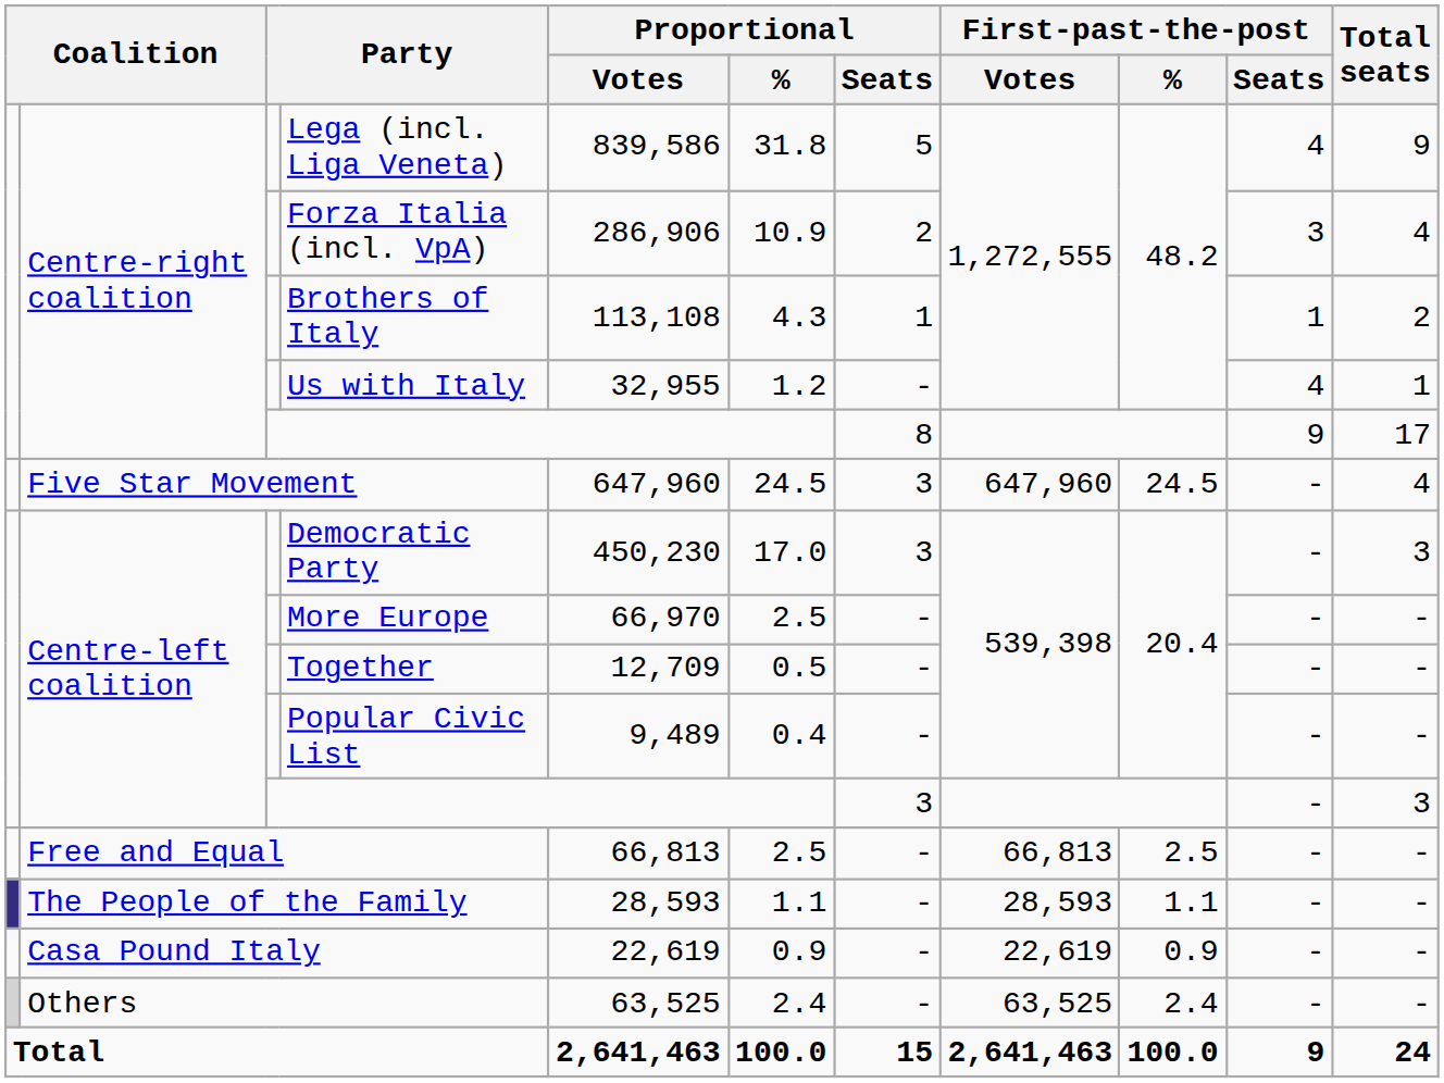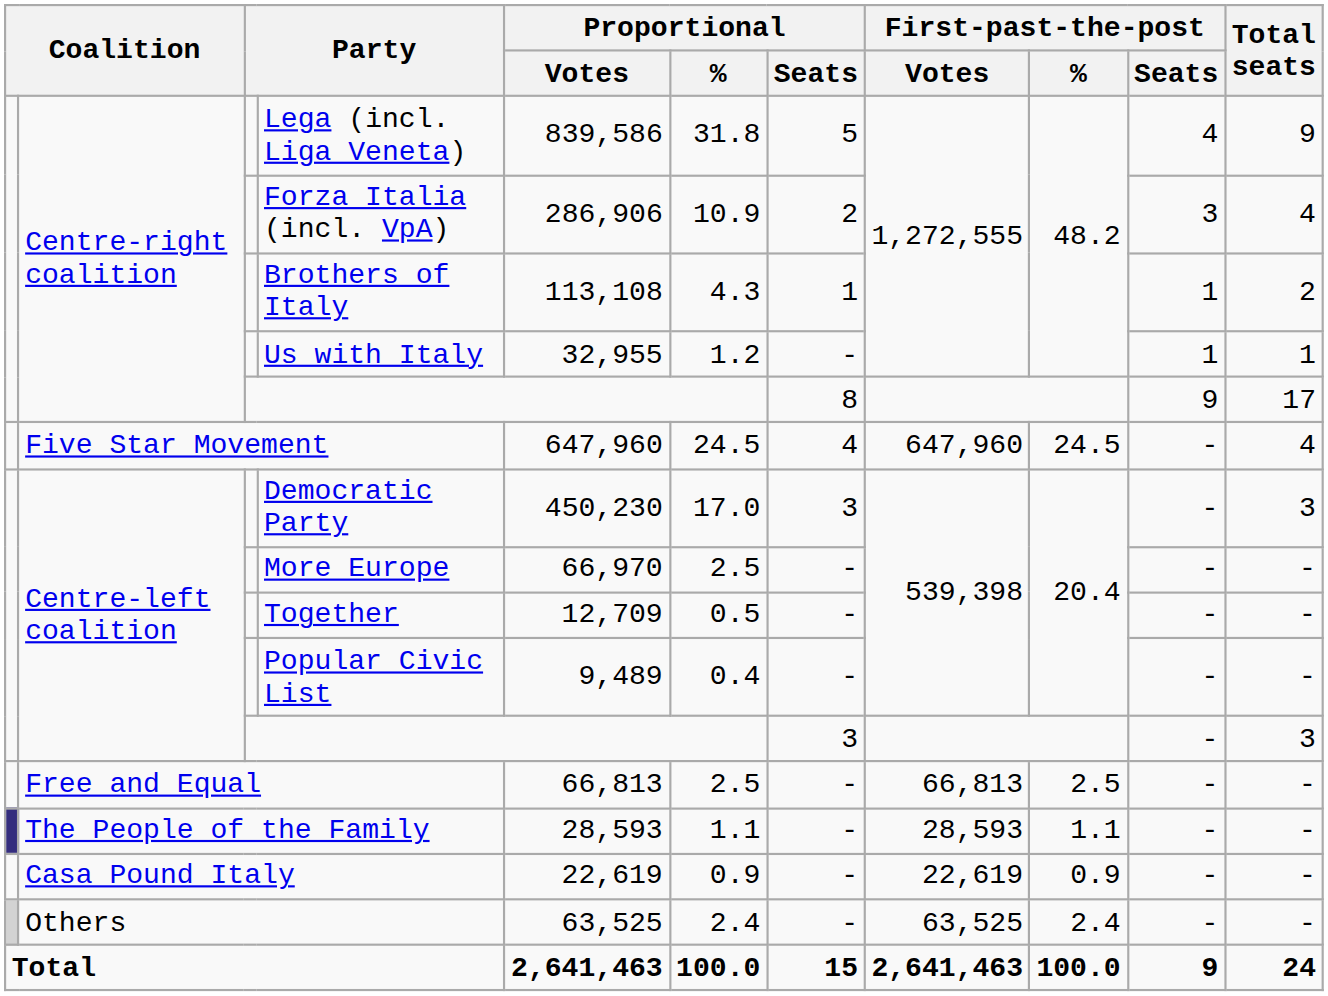 <table class="wikitable" style="text-align:right">
 <tr>
 <th colspan="2" rowspan="2">Coalition</th>
 <th colspan=2 rowspan=2>Party</th>
 <th colspan="3"  style="text-align:center; vertical-align:top;">Proportional</th>
 <th colspan="3"  style="text-align:center; vertical-align:top;">First-past-the-post</th>
 <th style="text-align:center;" rowspan="2">Total<br>seats</th>
 </tr>
 <tr>
 <th style="text-align:center; vertical-align:bottom;">Votes</th>
 <th style="text-align:center; vertical-align:bottom;">%</th>
 <th style="text-align:center; vertical-align:bottom;">Seats</th>
 <th style="text-align:center; vertical-align:bottom;">Votes</th>
 <th style="text-align:center; vertical-align:bottom;">%</th>
 <th style="text-align:center; vertical-align:bottom;">Seats</th>
 </tr>
 <tr>
 <td rowspan="5"></td>
 <td style="text-align:left;" rowspan="5"><a href='#'>Centre-right coalition</a></td>
 <td></td>
 <td align=left><a href='#'>Lega</a> (incl. <a href='#'>Liga Veneta</a>)</td>
 <td>839,586</td>
 <td>31.8</td>
 <td>5</td>
 <td rowspan="4">1,272,555</td>
 <td rowspan="4">48.2</td>
 <td>4</td>
 <td>9</td>
 </tr>
 <tr>
 <td></td>
 <td align=left><a href='#'>Forza Italia</a> (incl. <a href='#'>VpA</a>)</td>
 <td>286,906</td>
 <td>10.9</td>
 <td>2</td>
 <td>3</td>
 <td>4</td>
 </tr>
 <tr>
 <td></td>
 <td align=left><a href='#'>Brothers of Italy</a></td>
 <td>113,108</td>
 <td>4.3</td>
 <td>1</td>
 <td>1</td>
 <td>2</td>
 </tr>
 <tr>
 <td></td>
 <td align=left><a href='#'>Us with Italy</a></td>
 <td>32,955</td>
 <td>1.2</td>
 <td>-</td>
-<td>4</td>
+<td>1</td>
 <td>1</td>
 </tr>
 <tr>
 <td colspan="4" style="text-align:left;"></td>
 <td>8</td>
 <td colspan="2"></td>
 <td>9</td>
 <td>17</td>
 </tr>
 <tr 、>
 <td style="background:"></td>
 <td colspan="3" style="text-align:left;"><a href='#'>Five Star Movement</a></td>
 <td>647,960</td>
 <td>24.5</td>
-<td>3</td>
+<td>4</td>
 <td>647,960</td>
 <td>24.5</td>
 <td>-</td>
 <td>4</td>
 </tr>
 <tr>
 <td rowspan="5"></td>
 <td style="text-align:left;" rowspan="5"><a href='#'>Centre-left coalition</a></td>
 <td></td>
 <td align=left><a href='#'>Democratic Party</a></td>
 <td>450,230</td>
 <td>17.0</td>
 <td>3</td>
 <td rowspan="4">539,398</td>
 <td rowspan="4">20.4</td>
 <td>-</td>
 <td>3</td>
 </tr>
 <tr>
 <td></td>
 <td style="text-align:left;"><a href='#'>More Europe</a></td>
 <td>66,970</td>
 <td>2.5</td>
 <td>-</td>
 <td>-</td>
 <td>-</td>
 </tr>
 <tr>
 <td></td>
 <td style="text-align:left;"><a href='#'>Together</a></td>
 <td>12,709</td>
 <td>0.5</td>
 <td>-</td>
 <td>-</td>
 <td>-</td>
 </tr>
 <tr>
 <td></td>
 <td style="text-align:left;"><a href='#'>Popular Civic List</a></td>
 <td>9,489</td>
 <td>0.4</td>
 <td>-</td>
 <td>-</td>
 <td>-</td>
 </tr>
 <tr>
 <td colspan="4" style="text-align:left;"></td>
 <td>3</td>
 <td colspan="2"></td>
 <td>-</td>
 <td>3</td>
 </tr>
 <tr>
 <td style="background:"></td>
 <td colspan="3" style="text-align:left;"><a href='#'>Free and Equal</a></td>
 <td>66,813</td>
 <td>2.5</td>
 <td>-</td>
 <td>66,813</td>
 <td>2.5</td>
 <td>-</td>
 <td>-</td>
 </tr>
 <tr>
 <td style="background:#342d7e;"></td>
 <td colspan="3" style="text-align:left;"><a href='#'>The People of the Family</a></td>
 <td>28,593</td>
 <td>1.1</td>
 <td>-</td>
 <td>28,593</td>
 <td>1.1</td>
 <td>-</td>
 <td>-</td>
 </tr>
 <tr>
 <td style="background:"></td>
 <td colspan="3" style="text-align:left;"><a href='#'>Casa Pound Italy</a></td>
 <td>22,619</td>
 <td>0.9</td>
 <td>-</td>
 <td>22,619</td>
 <td>0.9</td>
 <td>-</td>
 <td>-</td>
 </tr>
 <tr>
 <td style="background:lightgrey"></td>
 <td colspan="3" style="text-align:left;">Others</td>
 <td>63,525</td>
 <td>2.4</td>
 <td>-</td>
 <td>63,525</td>
 <td>2.4</td>
 <td>-</td>
 <td>-</td>
 </tr>
 <tr>
 <td colspan="4" style="text-align:left;"><strong>Total</strong></td>
 <td><strong>2,641,463</strong></td>
 <td><strong>100.0</strong></td>
 <td><strong>15</strong></td>
 <td><strong>2,641,463</strong></td>
 <td><strong>100.0</strong></td>
 <td><strong>9</strong></td>
 <td><strong>24</strong></td>
 </tr>
 </table>
